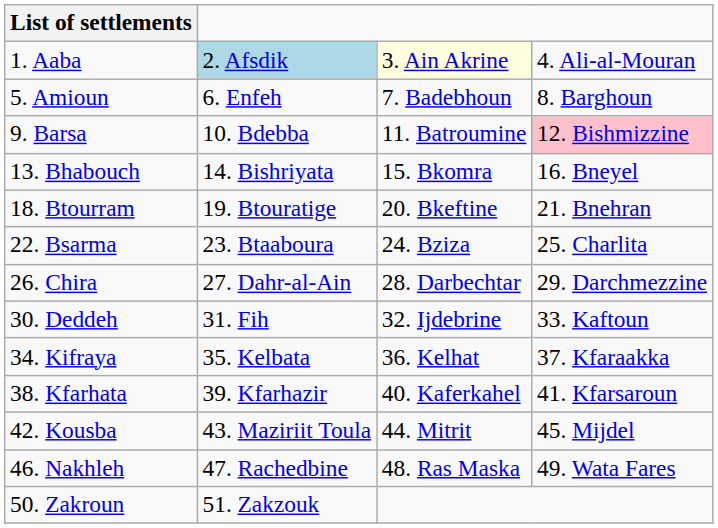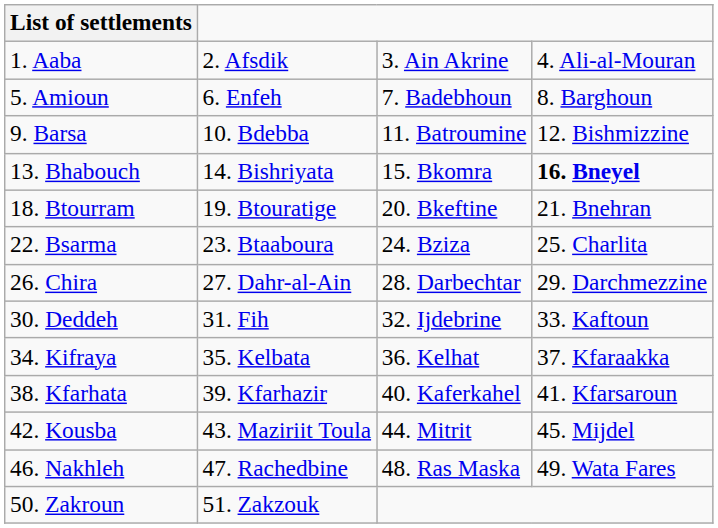 <table class="wikitable">
 <tr>
 <th>List of settlements</th>
 </tr>
 <tr>
 <td>1.   <a href='#'>Aaba</a></td>
-<td style="background: lightblue;">2.   <a href='#'>Afsdik</a></td>
-<td style="background: lightyellow;">3.   <a href='#'>Ain Akrine</a></td>
+<td>2.   <a href='#'>Afsdik</a></td>
+<td>3.   <a href='#'>Ain Akrine</a></td>
 <td>4.   <a href='#'>Ali-al-Mouran</a></td>
 </tr>
 <tr>
 <td>5.   <a href='#'>Amioun</a></td>
 <td>6.   <a href='#'>Enfeh</a></td>
 <td>7.   <a href='#'>Badebhoun</a></td>
 <td>8.   <a href='#'>Barghoun</a></td>
 </tr>
 <tr>
 <td>9.   <a href='#'>Barsa</a></td>
 <td>10.  <a href='#'>Bdebba</a></td>
 <td>11.  <a href='#'>Batroumine</a></td>
-<td style="background: pink;">12.  <a href='#'>Bishmizzine</a></td>
+<td>12.  <a href='#'>Bishmizzine</a></td>
 </tr>
 <tr>
 <td>13.  <a href='#'>Bhabouch</a></td>
 <td>14.  <a href='#'>Bishriyata</a></td>
 <td>15.  <a href='#'>Bkomra</a></td>
-<td>16.  <a href='#'>Bneyel</a></td>
+<td><strong>16.  <a href='#'>Bneyel</a></strong></td>
 </tr>
 <tr>
 <td>18.  <a href='#'>Btourram</a></td>
 <td>19.  <a href='#'>Btouratige</a></td>
 <td>20.  <a href='#'>Bkeftine</a></td>
 <td>21.  <a href='#'>Bnehran</a></td>
 </tr>
 <tr>
 <td>22.  <a href='#'>Bsarma</a></td>
 <td>23.  <a href='#'>Btaaboura</a></td>
 <td>24.  <a href='#'>Bziza</a></td>
 <td>25.  <a href='#'>Charlita</a></td>
 </tr>
 <tr>
 <td>26.  <a href='#'>Chira</a></td>
 <td>27.  <a href='#'>Dahr-al-Ain</a></td>
 <td>28.  <a href='#'>Darbechtar</a></td>
 <td>29.  <a href='#'>Darchmezzine</a></td>
 </tr>
 <tr>
 <td>30.  <a href='#'>Deddeh</a></td>
 <td>31.  <a href='#'>Fih</a></td>
 <td>32.  <a href='#'>Ijdebrine</a></td>
 <td>33.  <a href='#'>Kaftoun</a></td>
 </tr>
 <tr>
 <td>34.  <a href='#'>Kifraya</a></td>
 <td>35.  <a href='#'>Kelbata</a></td>
 <td>36.  <a href='#'>Kelhat</a></td>
 <td>37.  <a href='#'>Kfaraakka</a></td>
 </tr>
 <tr>
 <td>38.  <a href='#'>Kfarhata</a></td>
 <td>39.  <a href='#'>Kfarhazir</a></td>
 <td>40.  <a href='#'>Kaferkahel</a></td>
 <td>41.  <a href='#'>Kfarsaroun</a></td>
 </tr>
 <tr>
 <td>42.  <a href='#'>Kousba</a></td>
 <td>43.  <a href='#'>Maziriit Toula</a></td>
 <td>44.  <a href='#'>Mitrit</a></td>
 <td>45.  <a href='#'>Mijdel</a></td>
 </tr>
 <tr>
 <td>46.  <a href='#'>Nakhleh</a></td>
 <td>47.  <a href='#'>Rachedbine</a></td>
 <td>48.  <a href='#'>Ras Maska</a></td>
 <td>49.  <a href='#'>Wata Fares</a></td>
 </tr>
 <tr>
 <td>50.  <a href='#'>Zakroun</a></td>
 <td>51.  <a href='#'>Zakzouk</a></td>
 </tr>
 </table>
